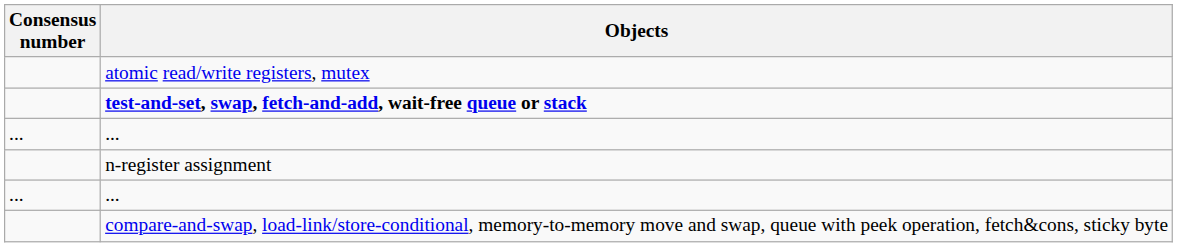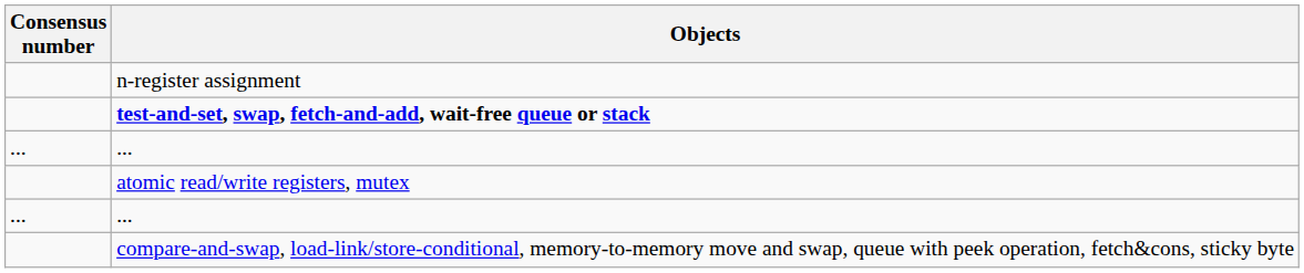 <table class="wikitable">
 <tr>
 <th>Consensus<br>number</th>
 <th>Objects</th>
 </tr>
 <tr>
 <td></td>
-<td><a href='#'>atomic</a> <a href='#'>read/write registers</a>, <a href='#'>mutex</a></td>
+<td>n-register assignment</td>
 </tr>
 <tr>
 <td></td>
 <td><strong><a href='#'>test-and-set</a>, <a href='#'>swap</a>, <a href='#'>fetch-and-add</a>, wait-free <a href='#'>queue</a> or <a href='#'>stack</a></strong></td>
 </tr>
 <tr>
 <td>...</td>
 <td>...</td>
 </tr>
 <tr>
 <td></td>
-<td>n-register assignment</td>
+<td><a href='#'>atomic</a> <a href='#'>read/write registers</a>, <a href='#'>mutex</a></td>
 </tr>
 <tr>
 <td>...</td>
 <td>...</td>
 </tr>
 <tr>
 <td></td>
 <td><a href='#'>compare-and-swap</a>, <a href='#'>load-link/store-conditional</a>, memory-to-memory move and swap, queue with peek operation, fetch&cons, sticky byte</td>
 </tr>
 </table>
